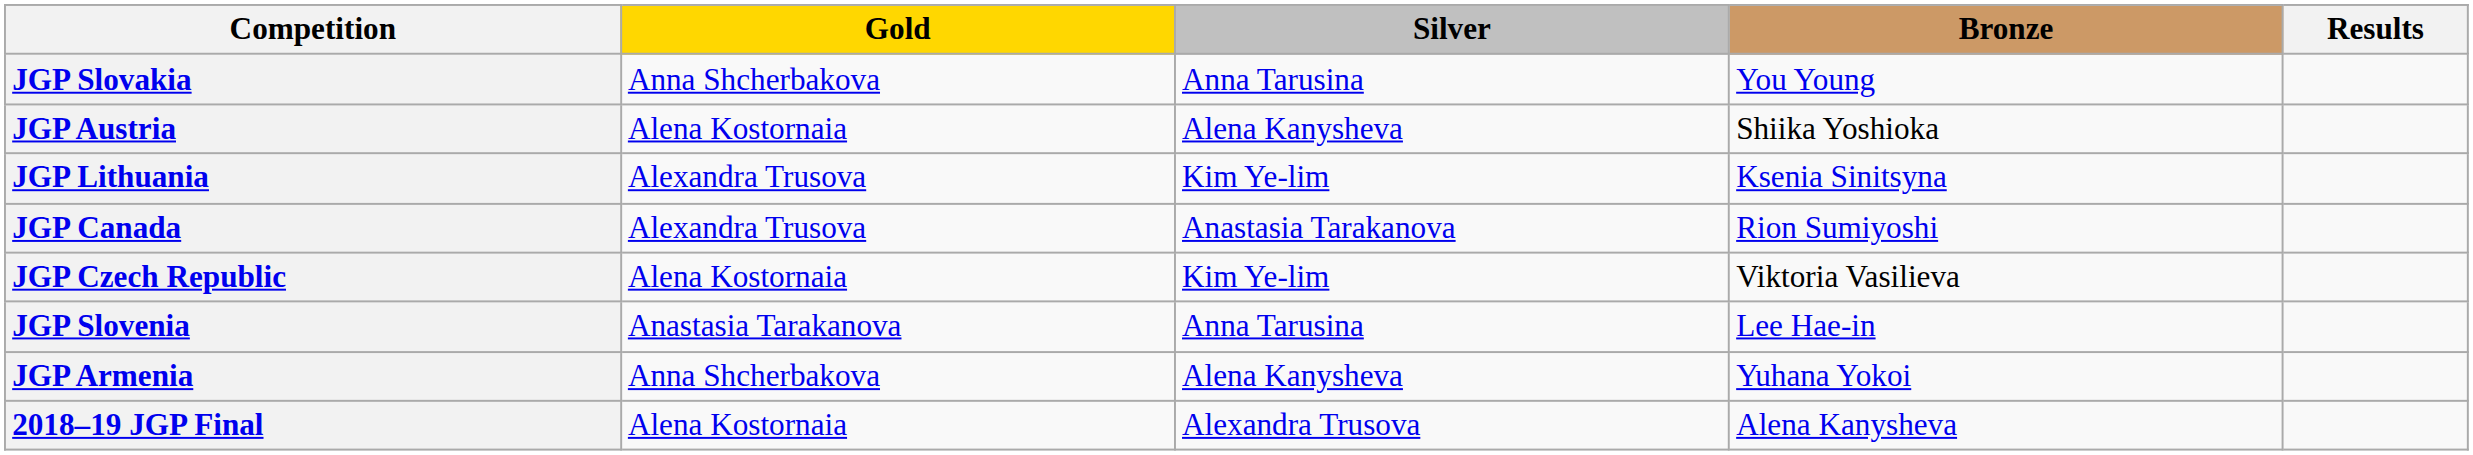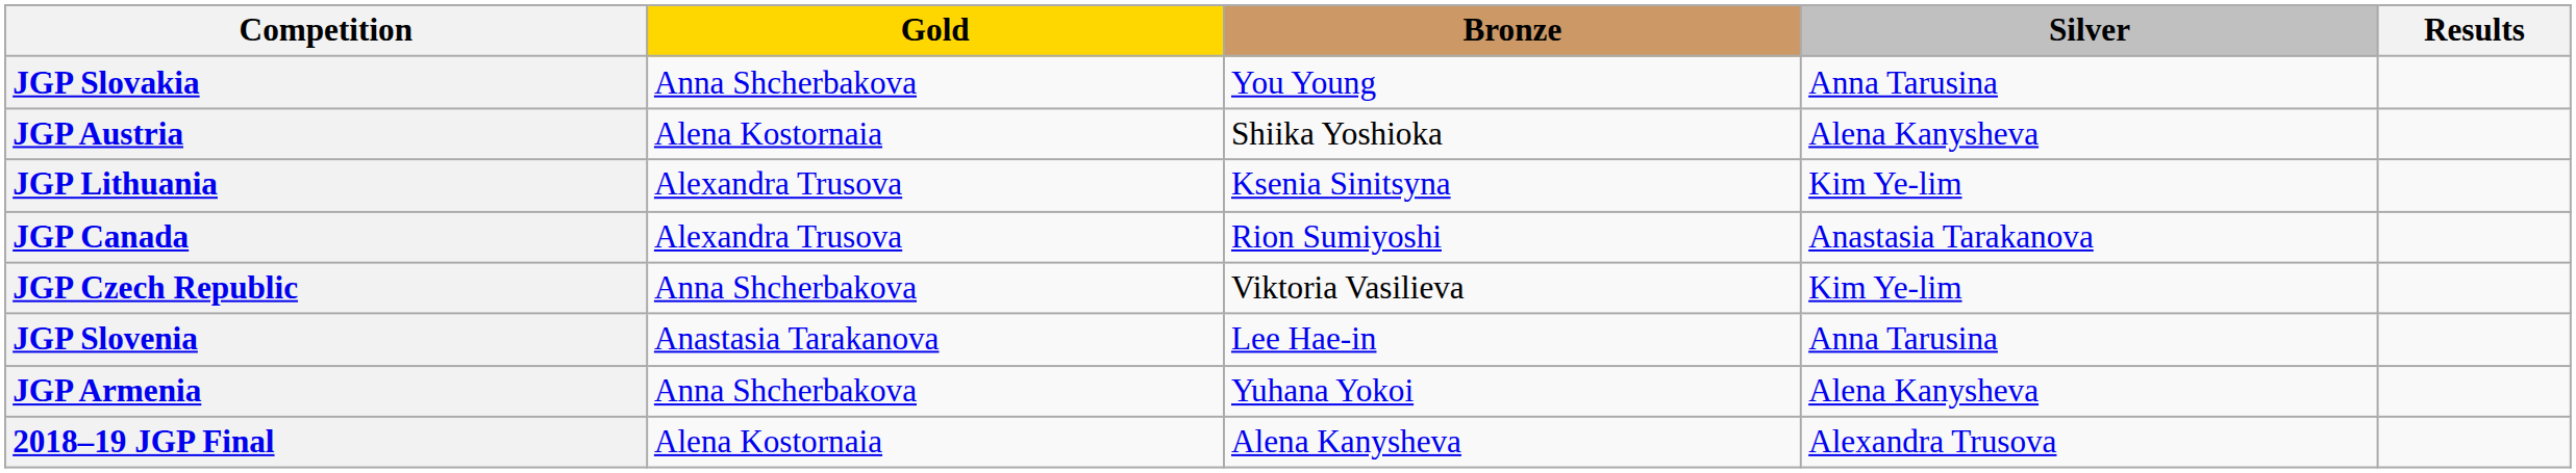 <table class="wikitable unsortable" style="text-align:left; width:100%">
 <tr>
 <th scope="col" style="text-align:center; width:25%;">Competition</th>
 <td scope="col" style="text-align:center; width:22.5%; background:gold"><strong>Gold</strong></td>
+<td scope="col" style="text-align:center; width:22.5%; background:#c96"><strong>Bronze</strong></td>
 <td scope="col" style="text-align:center; width:22.5%; background:silver"><strong>Silver</strong></td>
-<td scope="col" style="text-align:center; width:22.5%; background:#c96"><strong>Bronze</strong></td>
 <th scope="col" style="text-align:center; width:7.5%;">Results</th>
 </tr>
 <tr>
 <th scope="row" style="text-align:left"> <a href='#'>JGP Slovakia</a></th>
 <td> <a href='#'>Anna Shcherbakova</a></td>
+<td> <a href='#'>You Young</a></td>
 <td> <a href='#'>Anna Tarusina</a></td>
-<td> <a href='#'>You Young</a></td>
 <td></td>
 </tr>
 <tr>
 <th scope="row" style="text-align:left"> <a href='#'>JGP Austria</a></th>
 <td> <a href='#'>Alena Kostornaia</a></td>
+<td> Shiika Yoshioka</td>
 <td> <a href='#'>Alena Kanysheva</a></td>
-<td> Shiika Yoshioka</td>
 <td></td>
 </tr>
 <tr>
 <th scope="row" style="text-align:left"> <a href='#'>JGP Lithuania</a></th>
 <td> <a href='#'>Alexandra Trusova</a></td>
+<td> <a href='#'>Ksenia Sinitsyna</a></td>
 <td> <a href='#'>Kim Ye-lim</a></td>
-<td> <a href='#'>Ksenia Sinitsyna</a></td>
 <td></td>
 </tr>
 <tr>
 <th scope="row" style="text-align:left"> <a href='#'>JGP Canada</a></th>
 <td> <a href='#'>Alexandra Trusova</a></td>
+<td> <a href='#'>Rion Sumiyoshi</a></td>
 <td> <a href='#'>Anastasia Tarakanova</a></td>
-<td> <a href='#'>Rion Sumiyoshi</a></td>
 <td></td>
 </tr>
 <tr>
 <th scope="row" style="text-align:left"> <a href='#'>JGP Czech Republic</a></th>
-<td> <a href='#'>Alena Kostornaia</a></td>
+<td> <a href='#'>Anna Shcherbakova</a></td>
+<td> Viktoria Vasilieva</td>
 <td> <a href='#'>Kim Ye-lim</a></td>
-<td> Viktoria Vasilieva</td>
 <td></td>
 </tr>
 <tr>
 <th scope="row" style="text-align:left"> <a href='#'>JGP Slovenia</a></th>
 <td> <a href='#'>Anastasia Tarakanova</a></td>
+<td> <a href='#'>Lee Hae-in</a></td>
 <td> <a href='#'>Anna Tarusina</a></td>
-<td> <a href='#'>Lee Hae-in</a></td>
 <td></td>
 </tr>
 <tr>
 <th scope="row" style="text-align:left"> <a href='#'>JGP Armenia</a></th>
 <td> <a href='#'>Anna Shcherbakova</a></td>
+<td> <a href='#'>Yuhana Yokoi</a></td>
 <td> <a href='#'>Alena Kanysheva</a></td>
-<td> <a href='#'>Yuhana Yokoi</a></td>
 <td></td>
 </tr>
 <tr>
 <th scope="row" style="text-align:left"> <a href='#'>2018–19 JGP Final</a></th>
 <td> <a href='#'>Alena Kostornaia</a></td>
+<td> <a href='#'>Alena Kanysheva</a></td>
 <td> <a href='#'>Alexandra Trusova</a></td>
-<td> <a href='#'>Alena Kanysheva</a></td>
 <td></td>
 </tr>
 </table>
